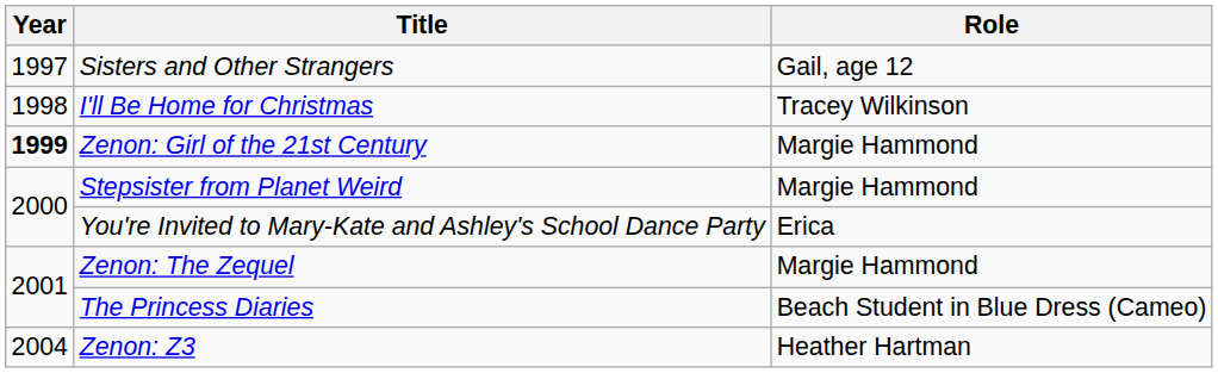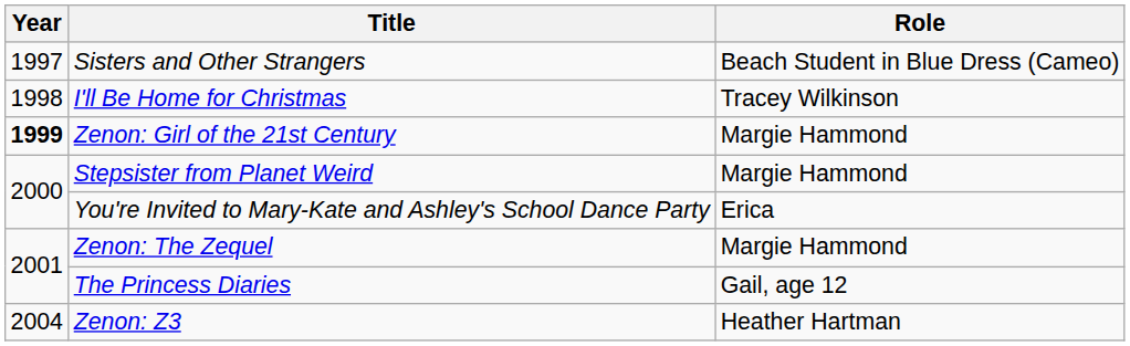 <table class="wikitable">
 <tr>
 <th>Year</th>
 <th>Title</th>
 <th>Role</th>
 </tr>
 <tr>
 <td>1997</td>
 <td><em>Sisters and Other Strangers</em></td>
-<td>Gail, age 12</td>
+<td>Beach Student in Blue Dress (Cameo)</td>
 </tr>
 <tr>
 <td>1998</td>
 <td><em><a href='#'>I'll Be Home for Christmas</a></em></td>
 <td>Tracey Wilkinson</td>
 </tr>
 <tr>
 <td><strong>1999</strong></td>
 <td><em><a href='#'>Zenon: Girl of the 21st Century</a></em></td>
 <td>Margie Hammond</td>
 </tr>
 <tr>
 <td rowspan="2">2000</td>
 <td><em><a href='#'>Stepsister from Planet Weird</a></em></td>
 <td>Margie Hammond</td>
 </tr>
 <tr>
 <td><em>You're Invited to Mary-Kate and Ashley's School Dance Party</em></td>
 <td>Erica</td>
 </tr>
 <tr>
 <td rowspan="2">2001</td>
 <td><em><a href='#'>Zenon: The Zequel</a></em></td>
 <td>Margie Hammond</td>
 </tr>
 <tr>
 <td><em><a href='#'>The Princess Diaries</a></em></td>
-<td>Beach Student in Blue Dress (Cameo)</td>
+<td>Gail, age 12</td>
 </tr>
 <tr>
 <td>2004</td>
 <td><em><a href='#'>Zenon: Z3</a></em></td>
 <td>Heather Hartman</td>
 </tr>
 </table>
